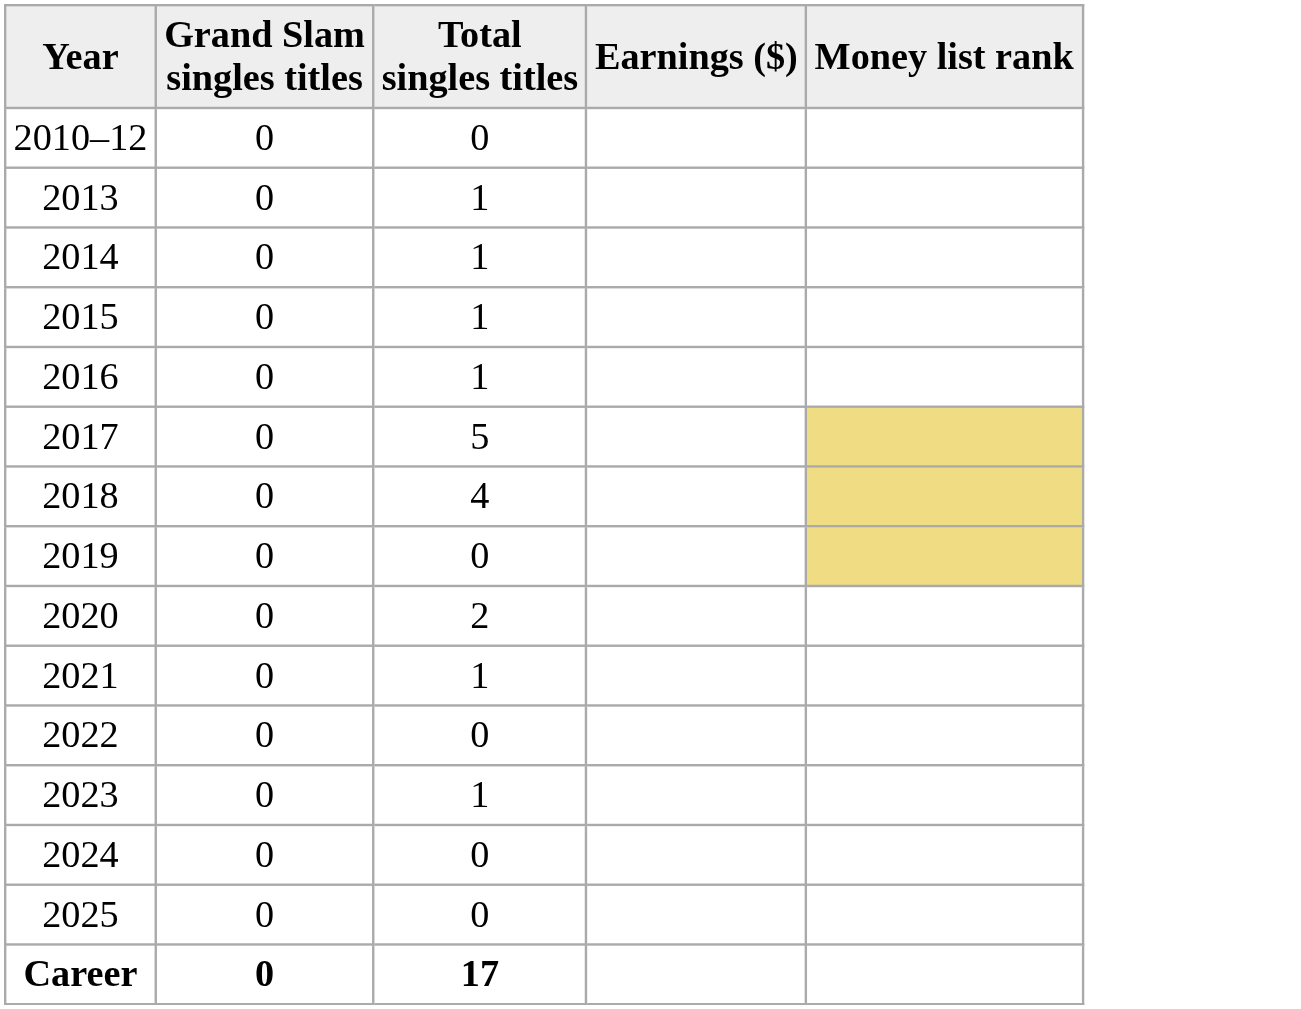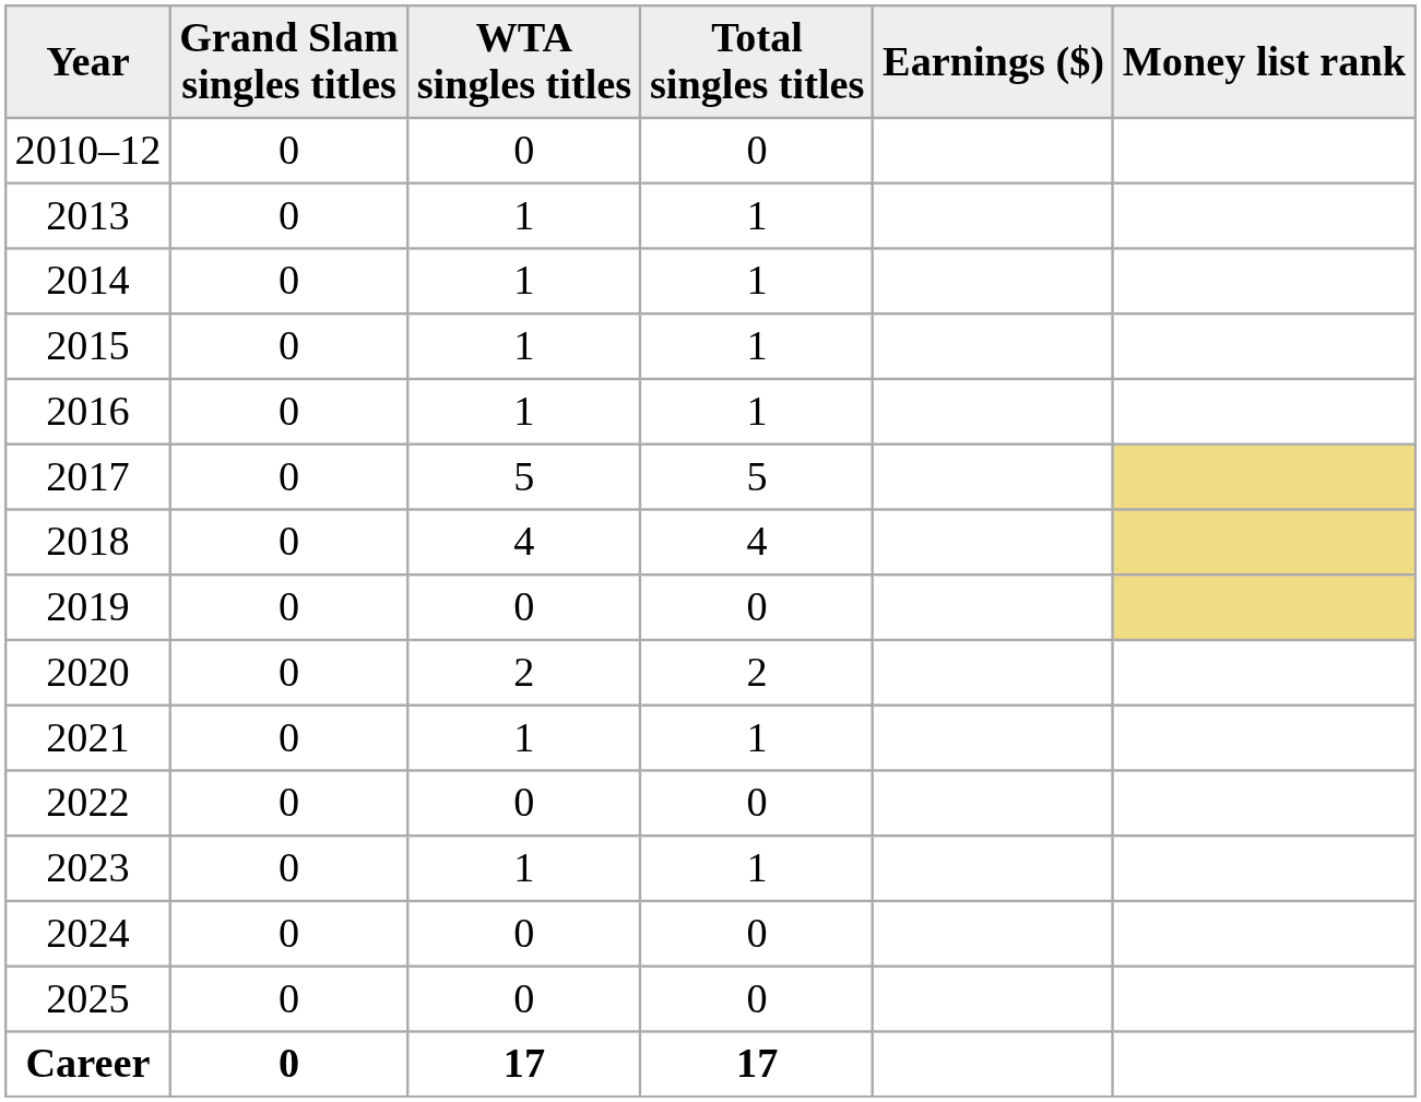 <table cellpadding=3 cellspacing=0 border=1 style=font-size:100%;border:#aaa;solid:1px;border-collapse:collapse;text-align:center>
 <tr bgcolor=EEEEEE>
 <th>Year</th>
 <th>Grand Slam<br>singles titles</th>
+<th>WTA<br>singles titles</th>
 <th>Total<br>singles titles</th>
 <th>Earnings ($)</th>
 <th>Money list rank</th>
 </tr>
 <tr>
 <td>2010–12</td>
+<td>0</td>
 <td>0</td>
 <td>0</td>
 <td align=right></td>
 <td></td>
 </tr>
 <tr>
 <td>2013</td>
 <td>0</td>
 <td>1</td>
+<td>1</td>
 <td align=right></td>
 <td></td>
 </tr>
 <tr>
 <td>2014</td>
 <td>0</td>
+<td>1</td>
 <td>1</td>
 <td align=right></td>
 <td></td>
 </tr>
 <tr>
 <td>2015</td>
 <td>0</td>
 <td>1</td>
+<td>1</td>
 <td align=right></td>
 <td></td>
 </tr>
 <tr>
 <td>2016</td>
 <td>0</td>
+<td>1</td>
 <td>1</td>
 <td align=right></td>
 <td></td>
 </tr>
 <tr>
 <td>2017</td>
 <td>0</td>
 <td>5</td>
+<td>5</td>
 <td align=right></td>
 <td bgcolor=f0dc83></td>
 </tr>
 <tr>
 <td>2018</td>
 <td>0</td>
 <td>4</td>
+<td>4</td>
 <td align=right></td>
 <td bgcolor=f0dc83></td>
 </tr>
 <tr>
 <td>2019</td>
+<td>0</td>
 <td>0</td>
 <td>0</td>
 <td align=right></td>
 <td bgcolor=f0dc83></td>
 </tr>
 <tr>
 <td>2020</td>
 <td>0</td>
 <td>2</td>
+<td>2</td>
 <td align=right></td>
 <td></td>
 </tr>
 <tr>
 <td>2021</td>
 <td>0</td>
 <td>1</td>
+<td>1</td>
 <td align=right></td>
 <td></td>
 </tr>
 <tr>
 <td>2022</td>
+<td>0</td>
 <td>0</td>
 <td>0</td>
 <td align=right></td>
 <td></td>
 </tr>
 <tr>
 <td>2023</td>
 <td>0</td>
 <td>1</td>
+<td>1</td>
 <td align=right></td>
 <td></td>
 </tr>
 <tr>
 <td>2024</td>
+<td>0</td>
 <td>0</td>
 <td>0</td>
 <td align=right></td>
 <td></td>
 </tr>
 <tr>
 <td>2025</td>
 <td>0</td>
 <td>0</td>
+<td>0</td>
 <td align=right></td>
 <td></td>
 </tr>
 <tr>
 <td><strong>Career</strong></td>
 <td><strong>0</strong></td>
 <td><strong>17</strong></td>
+<td><strong>17</strong></td>
 <td align=right></td>
 <td></td>
 </tr>
 </table>
